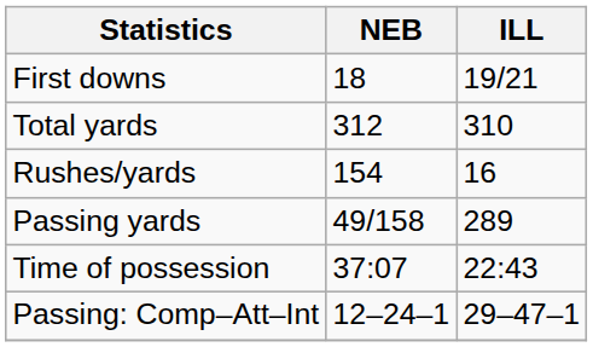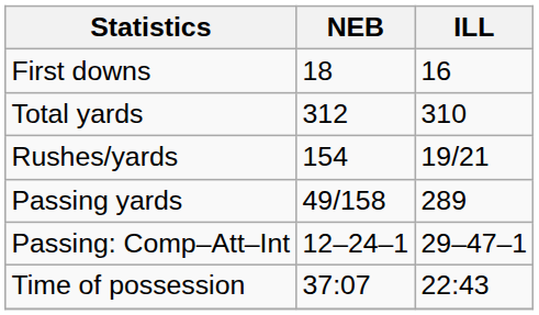 <table class="wikitable" style="float: left;">
 <tr>
 <th>Statistics</th>
 <th>NEB</th>
 <th>ILL</th>
 </tr>
 <tr>
 <td>First downs</td>
 <td>18</td>
-<td>19/21</td>
+<td>16</td>
 </tr>
 <tr>
 <td>Total yards</td>
 <td>312</td>
 <td>310</td>
 </tr>
 <tr>
 <td>Rushes/yards</td>
 <td>154</td>
-<td>16</td>
+<td>19/21</td>
 </tr>
 <tr>
 <td>Passing yards</td>
 <td>49/158</td>
 <td>289</td>
 </tr>
 <tr>
+<td>Passing: Comp–Att–Int</td>
+<td>12–24–1</td>
+<td>29–47–1</td>
+</tr>
+<tr>
 <td>Time of possession</td>
 <td>37:07</td>
 <td>22:43</td>
 </tr>
 <tr>
-<td>Passing: Comp–Att–Int</td>
-<td>12–24–1</td>
-<td>29–47–1</td>
-</tr>
-<tr>
 </tr>
 </table>
